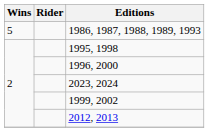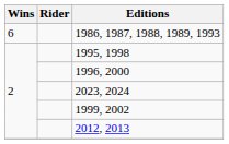 <table class="wikitable">
 <tr>
 <th>Wins</th>
 <th>Rider</th>
 <th>Editions</th>
 </tr>
 <tr>
-<td>5</td>
+<td>6</td>
 <td></td>
 <td>1986, 1987, 1988, 1989, 1993</td>
 </tr>
 <tr>
 <td rowspan= 5>2</td>
 <td></td>
 <td>1995, 1998</td>
 </tr>
 <tr>
 <td></td>
 <td>1996, 2000</td>
 </tr>
 <tr>
 <td></td>
 <td>2023, 2024</td>
 </tr>
 <tr>
 <td></td>
 <td>1999, 2002</td>
 </tr>
 <tr>
 <td></td>
 <td><a href='#'>2012</a>, <a href='#'>2013</a></td>
 </tr>
 <tr>
 </tr>
 </table>
